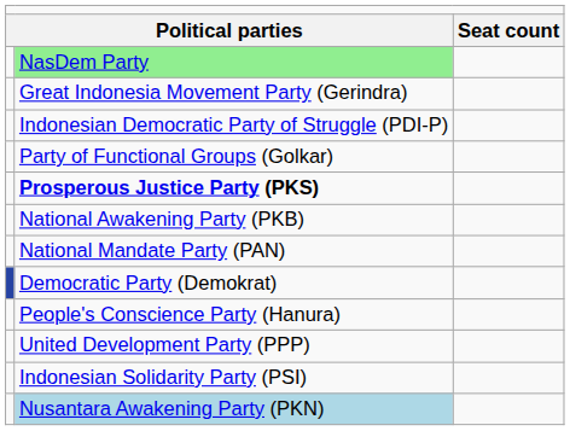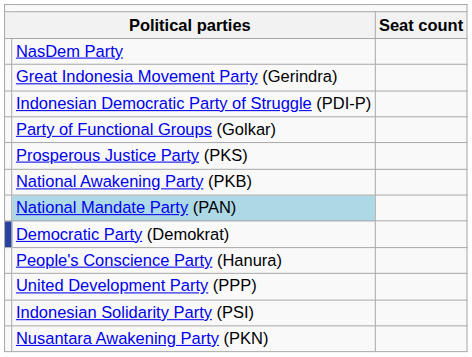 <table class="wikitable">
 <tr>
 <td colspan="4"></td>
 </tr>
 <tr>
 <th colspan="2">Political parties</th>
 <th>Seat count</th>
 </tr>
 <tr>
 <td bgcolor=></td>
-<td style="background: lightgreen;"><a href='#'>NasDem Party</a></td>
+<td><a href='#'>NasDem Party</a></td>
 <td></td>
 </tr>
 <tr>
 <td bgcolor=></td>
 <td><a href='#'>Great Indonesia Movement Party</a> (Gerindra)</td>
 <td></td>
 </tr>
 <tr>
 <td bgcolor=></td>
 <td><a href='#'>Indonesian Democratic Party of Struggle</a> (PDI-P)</td>
 <td></td>
 </tr>
 <tr>
 <td bgcolor=></td>
 <td><a href='#'>Party of Functional Groups</a> (Golkar)</td>
 <td></td>
 </tr>
 <tr>
 <td bgcolor=></td>
-<td><strong><a href='#'>Prosperous Justice Party</a> (PKS)</strong></td>
+<td><a href='#'>Prosperous Justice Party</a> (PKS)</td>
 <td></td>
 </tr>
 <tr>
 <td bgcolor=></td>
 <td><a href='#'>National Awakening Party</a> (PKB)</td>
 <td></td>
 </tr>
 <tr>
 <td bgcolor=></td>
-<td><a href='#'>National Mandate Party</a> (PAN)</td>
+<td style="background: lightblue;"><a href='#'>National Mandate Party</a> (PAN)</td>
 <td></td>
 </tr>
 <tr>
 <td bgcolor=#2643A3></td>
 <td><a href='#'>Democratic Party</a> (Demokrat)</td>
 <td></td>
 </tr>
 <tr>
 <td bgcolor=></td>
 <td><a href='#'>People's Conscience Party</a> (Hanura)</td>
 <td></td>
 </tr>
 <tr>
 <td bgcolor=></td>
 <td><a href='#'>United Development Party</a> (PPP)</td>
 <td></td>
 </tr>
 <tr>
 <td bgcolor=></td>
 <td><a href='#'>Indonesian Solidarity Party</a> (PSI)</td>
 <td></td>
 </tr>
 <tr>
 <td bgcolor=></td>
-<td style="background: lightblue;"><a href='#'>Nusantara Awakening Party</a> (PKN)</td>
+<td><a href='#'>Nusantara Awakening Party</a> (PKN)</td>
 <td></td>
 </tr>
 </table>
